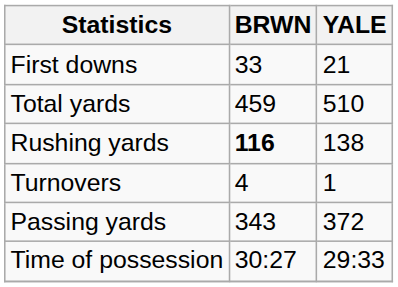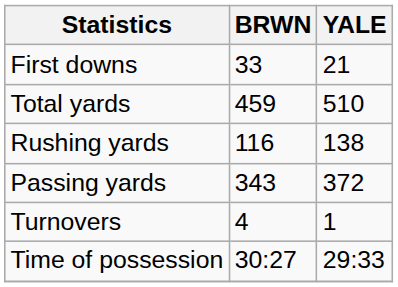 <table class="wikitable" style="float: left;">
 <tr>
 <th>Statistics</th>
 <th>BRWN</th>
 <th>YALE</th>
 </tr>
 <tr>
 <td>First downs</td>
 <td>33</td>
 <td>21</td>
 </tr>
 <tr>
 <td>Total yards</td>
 <td>459</td>
 <td>510</td>
 </tr>
 <tr>
 <td>Rushing yards</td>
-<td><strong>116</strong></td>
+<td>116</td>
 <td>138</td>
+</tr>
+<tr>
+<td>Passing yards</td>
+<td>343</td>
+<td>372</td>
 </tr>
 <tr>
 <td>Turnovers</td>
 <td>4</td>
 <td>1</td>
-</tr>
-<tr>
-<td>Passing yards</td>
-<td>343</td>
-<td>372</td>
 </tr>
 <tr>
 <td>Time of possession</td>
 <td>30:27</td>
 <td>29:33</td>
 </tr>
 <tr>
 </tr>
 </table>
